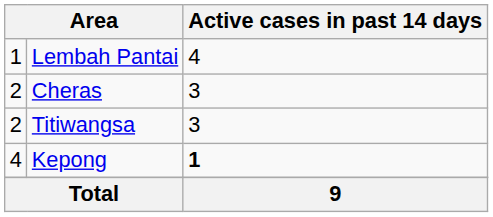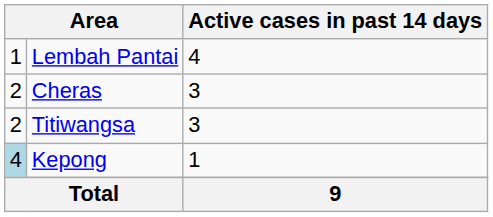 <table class="wikitable sortable mw-collapsible mw-collapsed">
 <tr>
 <th colspan="2">Area</th>
 <th>Active cases in past 14 days</th>
 </tr>
 <tr>
 <td>1</td>
 <td><a href='#'>Lembah Pantai</a></td>
 <td>4</td>
 </tr>
 <tr>
 <td>2</td>
 <td><a href='#'>Cheras</a></td>
 <td>3</td>
 </tr>
 <tr>
 <td>2</td>
 <td><a href='#'>Titiwangsa</a></td>
 <td>3</td>
 </tr>
 <tr>
-<td>4</td>
+<td style="background: lightblue;">4</td>
 <td><a href='#'>Kepong</a></td>
-<td><strong>1</strong></td>
+<td>1</td>
 </tr>
 <tr>
 </tr>
 <tr>
 <th colspan="2"><strong>Total</strong></th>
 <th><strong>9</strong></th>
 </tr>
 </table>
